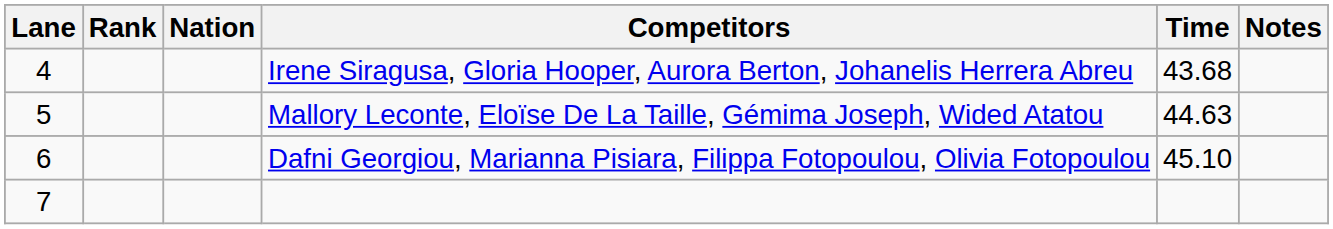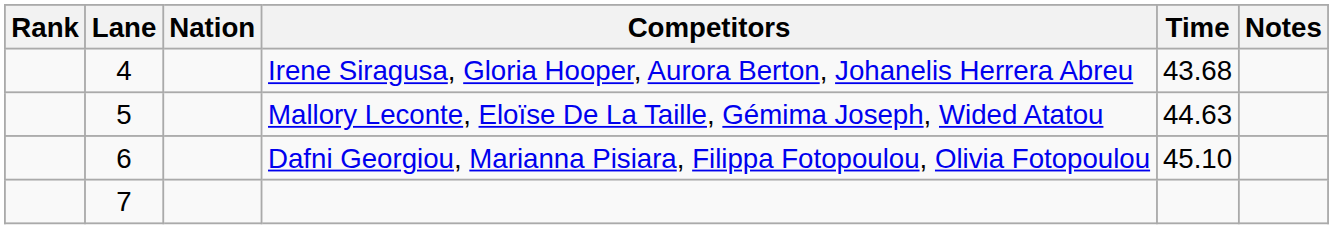 <table class="wikitable sortable" style="text-align:center; font-size:95%">
 <tr>
+<th>Rank</th>
 <th>Lane</th>
-<th>Rank</th>
 <th>Nation</th>
 <th>Competitors</th>
 <th>Time</th>
 <th>Notes</th>
 </tr>
 <tr>
+<td></td>
 <td>4</td>
-<td></td>
 <td align="left"></td>
 <td align="left"><a href='#'>Irene Siragusa</a>, <a href='#'>Gloria Hooper</a>, <a href='#'>Aurora Berton</a>, <a href='#'>Johanelis Herrera Abreu</a></td>
 <td>43.68</td>
 <td></td>
 </tr>
 <tr>
+<td></td>
 <td>5</td>
-<td></td>
 <td align="left"></td>
 <td align="left"><a href='#'>Mallory Leconte</a>, <a href='#'>Eloïse De La Taille</a>, <a href='#'>Gémima Joseph</a>, <a href='#'>Wided Atatou</a></td>
 <td>44.63</td>
 <td></td>
 </tr>
 <tr>
+<td></td>
 <td>6</td>
-<td></td>
 <td align="left"></td>
 <td align="left"><a href='#'>Dafni Georgiou</a>, <a href='#'>Marianna Pisiara</a>, <a href='#'>Filippa Fotopoulou</a>, <a href='#'>Olivia Fotopoulou</a></td>
 <td>45.10</td>
 <td></td>
 </tr>
 <tr>
+<td></td>
 <td>7</td>
-<td></td>
 <td align="left"></td>
 <td align="left"></td>
 <td></td>
 <td></td>
 </tr>
 </table>
